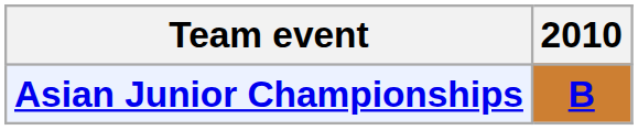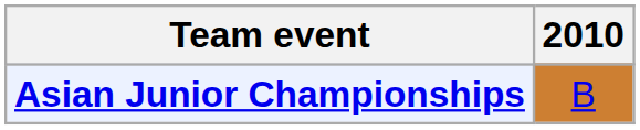 <table class="wikitable" style="font-size: 90%; text-align:center">
 <tr>
 <th>Team event</th>
 <th>2010</th>
 </tr>
 <tr>
 <td bgcolor="#ECF2FF"; align="left"><strong><a href='#'>Asian Junior Championships</a></strong></td>
-<td bgcolor=CD7F32><strong><a href='#'>B</a></strong></td>
+<td bgcolor=CD7F32><a href='#'>B</a></td>
 </tr>
 </table>
